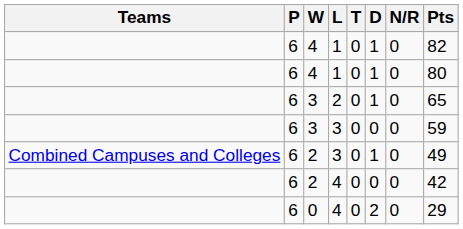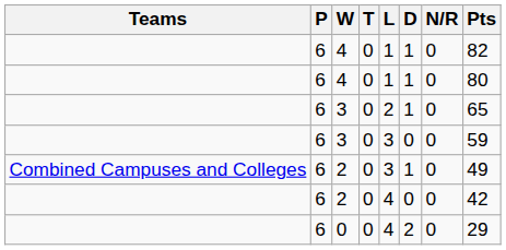 <table class="wikitable">
 <tr>
 <th>Teams</th>
 <th>P</th>
 <th>W</th>
+<th>T</th>
 <th>L</th>
-<th>T</th>
 <th>D</th>
 <th>N/R</th>
 <th>Pts</th>
 </tr>
 <tr>
 <td></td>
 <td>6</td>
 <td>4</td>
+<td>0</td>
 <td>1</td>
-<td>0</td>
 <td>1</td>
 <td>0</td>
 <td>82</td>
 </tr>
 <tr>
 <td></td>
 <td>6</td>
 <td>4</td>
+<td>0</td>
 <td>1</td>
-<td>0</td>
 <td>1</td>
 <td>0</td>
 <td>80</td>
 </tr>
 <tr>
 <td></td>
 <td>6</td>
 <td>3</td>
+<td>0</td>
 <td>2</td>
-<td>0</td>
 <td>1</td>
 <td>0</td>
 <td>65</td>
 </tr>
 <tr>
 <td></td>
 <td>6</td>
 <td>3</td>
+<td>0</td>
 <td>3</td>
-<td>0</td>
 <td>0</td>
 <td>0</td>
 <td>59</td>
 </tr>
 <tr>
 <td><a href='#'>Combined Campuses and Colleges</a></td>
 <td>6</td>
 <td>2</td>
+<td>0</td>
 <td>3</td>
-<td>0</td>
 <td>1</td>
 <td>0</td>
 <td>49</td>
 </tr>
 <tr>
 <td></td>
 <td>6</td>
 <td>2</td>
+<td>0</td>
 <td>4</td>
-<td>0</td>
 <td>0</td>
 <td>0</td>
 <td>42</td>
 </tr>
 <tr>
 <td></td>
 <td>6</td>
 <td>0</td>
+<td>0</td>
 <td>4</td>
-<td>0</td>
 <td>2</td>
 <td>0</td>
 <td>29</td>
 </tr>
 </table>
